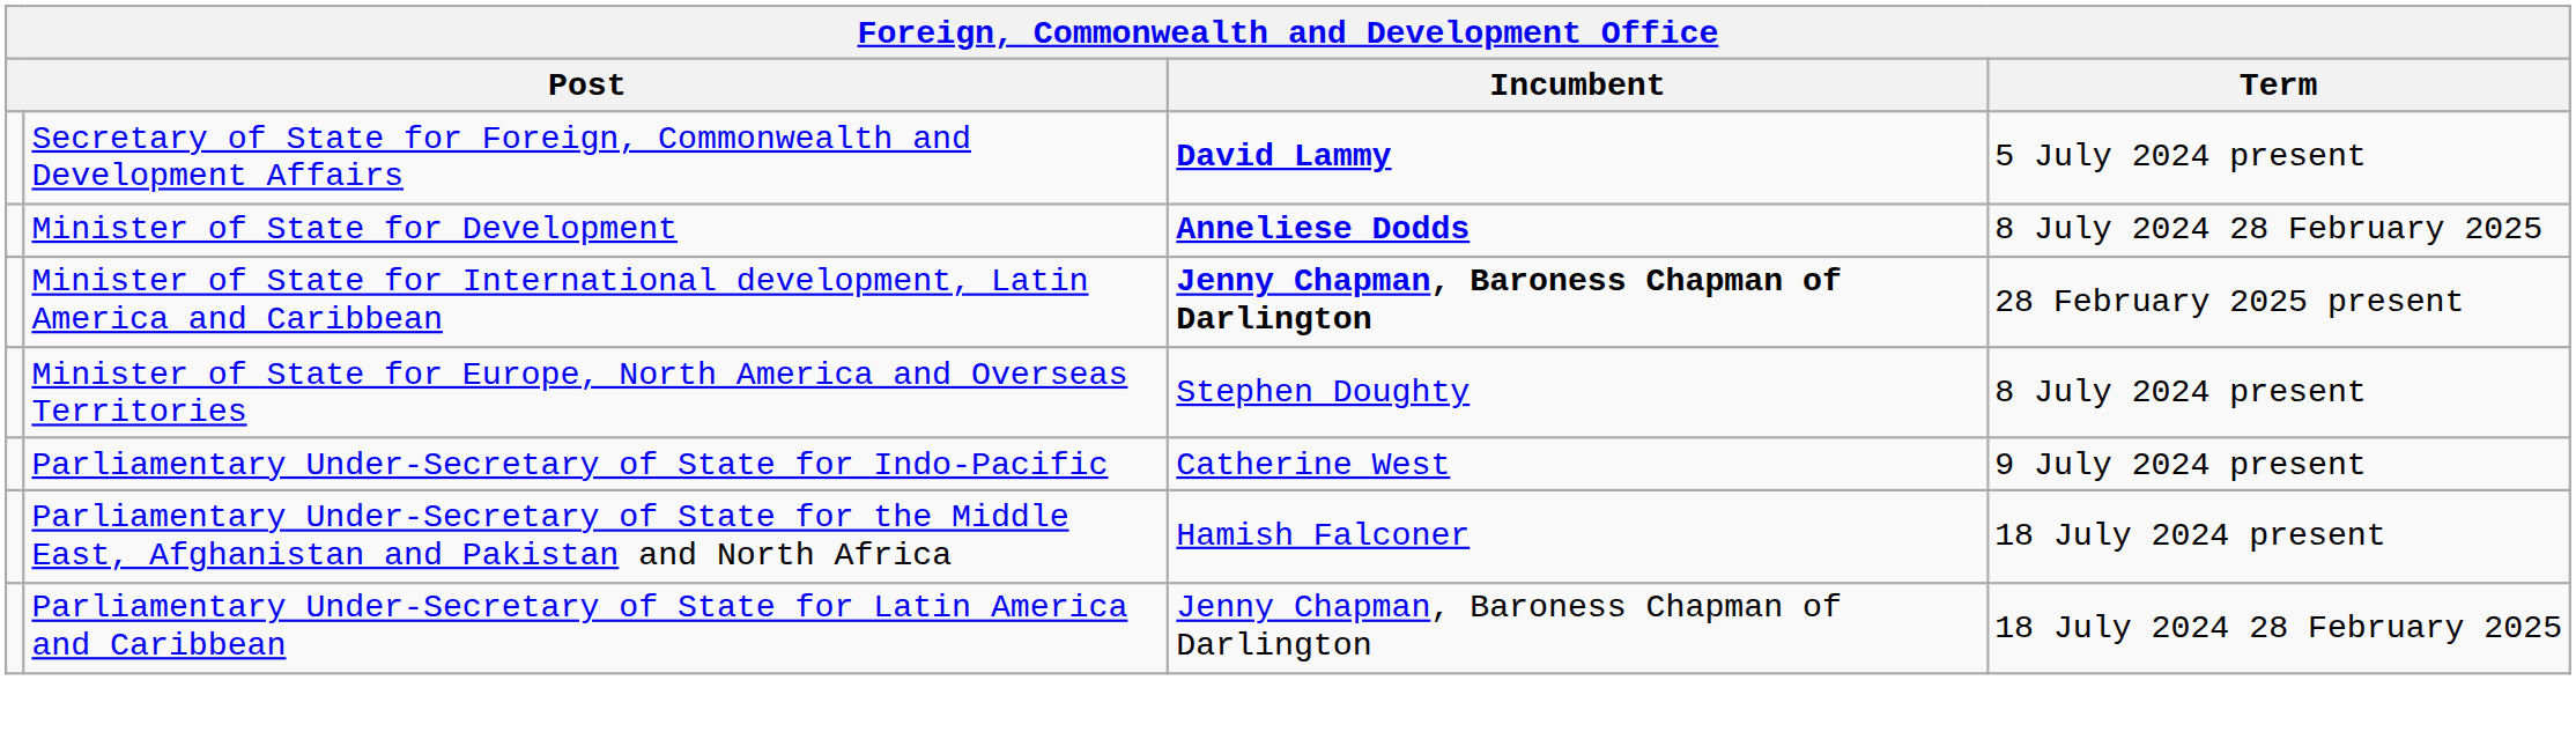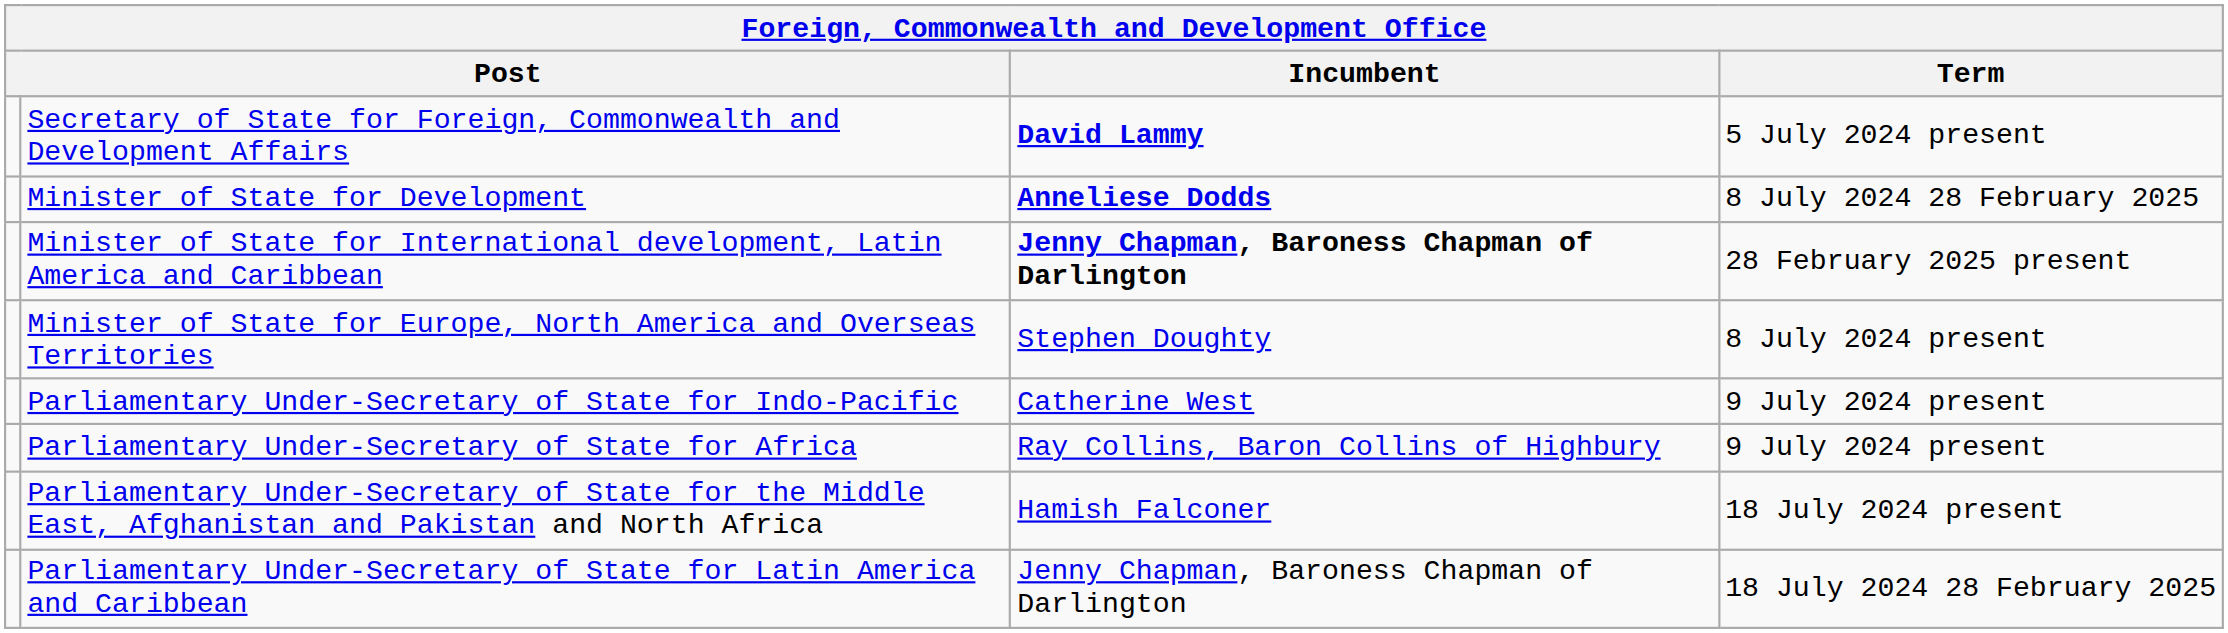 <table class="wikitable">
 <tr>
 <th colspan="4"><a href='#'>Foreign, Commonwealth and Development Office</a></th>
 </tr>
 <tr>
 <th colspan="2">Post</th>
 <th>Incumbent</th>
 <th>Term</th>
 </tr>
 <tr>
 <td style="width: 1px; background: "></td>
 <td style="width: 450px;"><a href='#'>Secretary of State for Foreign, Commonwealth and Development Affairs</a></td>
 <td style="width: 320px;"><strong><a href='#'>David Lammy</a></strong></td>
 <td>5 July 2024 present</td>
 </tr>
 <tr>
 <td rowspan="1" style="width: 1px; background: "></td>
 <td rowspan="1"><a href='#'>Minister of State for Development</a></td>
 <td><strong><a href='#'>Anneliese Dodds</a></strong></td>
 <td>8 July 2024 28 February 2025</td>
 </tr>
 <tr>
 <td rowspan="1" style="width: 1px; background: "></td>
 <td rowspan="1"><a href='#'>Minister of State for International development, Latin America and Caribbean</a></td>
 <td><strong><a href='#'>Jenny Chapman</a>, Baroness Chapman of Darlington</strong></td>
 <td>28 February 2025 present</td>
 </tr>
 <tr>
 <td rowspan="1" style="width: 1px; background: "></td>
 <td rowspan="1"><a href='#'>Minister of State for Europe, North America and Overseas Territories</a></td>
 <td><a href='#'>Stephen Doughty</a></td>
 <td>8 July 2024 present</td>
 </tr>
 <tr>
 <td rowspan="1" style="width: 1px; background: "></td>
 <td><a href='#'>Parliamentary Under-Secretary of State for Indo-Pacific</a></td>
 <td><a href='#'>Catherine West</a></td>
 <td>9 July 2024 present</td>
 </tr>
 <tr>
 <td rowspan="1" style="width: 1px; background: "></td>
+<td><a href='#'>Parliamentary Under-Secretary of State for Africa</a></td>
+<td><a href='#'>Ray Collins, Baron Collins of Highbury</a></td>
+<td>9 July 2024 present</td>
+</tr>
+<tr>
+<td rowspan="1" style="width: 1px; background: "></td>
 <td><a href='#'>Parliamentary Under-Secretary of State for the Middle East, Afghanistan and Pakistan</a> and North Africa</td>
 <td><a href='#'>Hamish Falconer</a> </td>
 <td>18 July 2024 present</td>
 </tr>
 <tr>
 <td rowspan="1" style="width: 1px; background: "></td>
 <td><a href='#'>Parliamentary Under-Secretary of State for Latin America and Caribbean</a></td>
 <td><a href='#'>Jenny Chapman</a>,  Baroness Chapman of Darlington</td>
 <td>18 July 2024 28 February 2025</td>
 </tr>
 </table>
